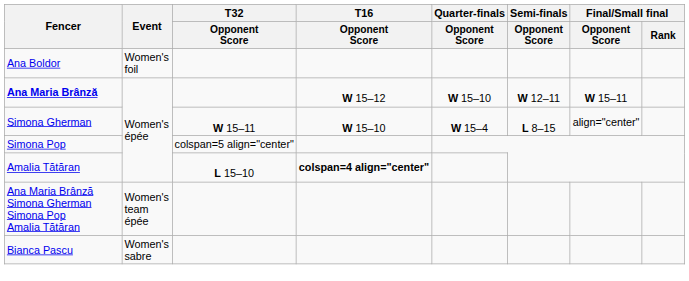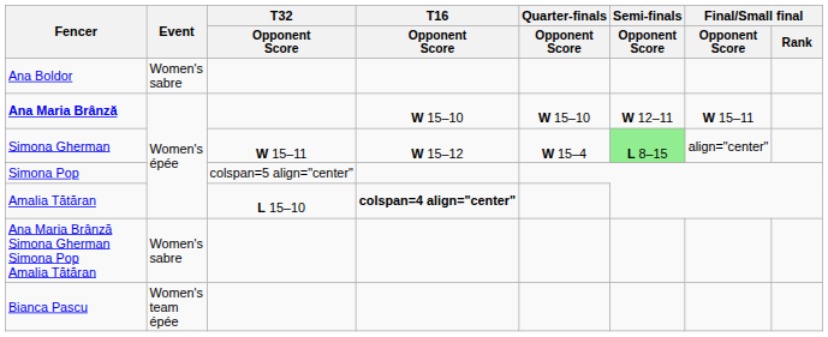 <table class="wikitable" style="text-align:left; font-size:90%">
 <tr>
 <th rowspan=2 width=150>Fencer</th>
 <th rowspan=2 width=60>Event</th>
 <th>T32</th>
 <th>T16</th>
 <th>Quarter-finals</th>
 <th>Semi-finals</th>
 <th colspan=2>Final/Small final</th>
 </tr>
 <tr style="font-size:95%">
 <th>Opponent <br> Score</th>
 <th>Opponent <br> Score</th>
 <th>Opponent <br> Score</th>
 <th>Opponent <br> Score</th>
 <th>Opponent <br> Score</th>
 <th width=50>Rank</th>
 </tr>
 <tr align=center>
 <td align=left><a href='#'>Ana Boldor</a></td>
-<td align=left>Women's foil</td>
+<td align=left>Women's sabre</td>
 <td></td>
 <td></td>
 <td></td>
 <td></td>
 <td></td>
 <td></td>
 </tr>
 <tr align=center>
 <td align=left><strong><a href='#'>Ana Maria Brânză</a></strong></td>
 <td align=left rowspan=4>Women's épée</td>
 <td></td>
-<td><br><strong>W</strong> 15–12</td>
+<td><br><strong>W</strong> 15–10</td>
 <td><br><strong>W</strong> 15–10</td>
 <td><br><strong>W</strong> 12–11</td>
 <td><br><strong>W</strong> 15–11</td>
 <td></td>
 </tr>
 <tr align=center>
 <td align=left><a href='#'>Simona Gherman</a></td>
 <td><br><strong>W</strong> 15–11</td>
-<td><br><strong>W</strong> 15–10</td>
+<td><br><strong>W</strong> 15–12</td>
 <td><br><strong>W</strong> 15–4</td>
-<td><br><strong>L</strong> 8–15</td>
+<td style="background: lightgreen;"><br><strong>L</strong> 8–15</td>
 <td>align="center" </td>
 <td></td>
 </tr>
 <tr align=center>
 <td align=left><a href='#'>Simona Pop</a></td>
 <td>colspan=5 align="center" </td>
 <td></td>
 </tr>
 <tr align=center>
 <td align=left><a href='#'>Amalia Tătăran</a></td>
 <td><br><strong>L</strong> 15–10</td>
 <td><strong>colspan=4 align="center" </strong></td>
 <td></td>
 </tr>
 <tr align=center>
 <td align=left><a href='#'>Ana Maria Brânză</a><br><a href='#'>Simona Gherman</a><br><a href='#'>Simona Pop</a><br><a href='#'>Amalia Tătăran</a></td>
-<td align=left>Women's team épée</td>
+<td align=left>Women's sabre</td>
 <td></td>
 <td></td>
 <td></td>
 <td></td>
 <td></td>
 <td></td>
 </tr>
 <tr align=center>
 <td align=left><a href='#'>Bianca Pascu</a></td>
-<td align=left>Women's sabre</td>
+<td align=left>Women's team épée</td>
 <td></td>
 <td></td>
 <td></td>
 <td></td>
 <td></td>
 <td></td>
 </tr>
 </table>
